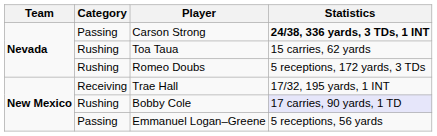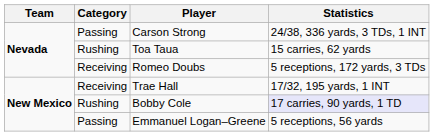 <table class="wikitable" style="float: left;">
 <tr>
 <th>Team</th>
 <th>Category</th>
 <th>Player</th>
 <th>Statistics</th>
 </tr>
 <tr>
 <td rowspan=3><strong>Nevada</strong></td>
 <td>Passing</td>
 <td>Carson Strong</td>
-<td><strong>24/38, 336 yards, 3 TDs, 1 INT</strong></td>
+<td>24/38, 336 yards, 3 TDs, 1 INT</td>
 </tr>
 <tr>
 <td>Rushing</td>
 <td>Toa Taua</td>
 <td>15 carries, 62 yards</td>
 </tr>
 <tr>
-<td>Rushing</td>
+<td>Receiving</td>
 <td>Romeo Doubs</td>
 <td>5 receptions, 172 yards, 3 TDs</td>
 </tr>
 <tr>
 <td rowspan=3><strong>New Mexico</strong></td>
 <td>Receiving</td>
 <td>Trae Hall</td>
 <td>17/32, 195 yards, 1 INT</td>
 </tr>
 <tr>
 <td>Rushing</td>
 <td>Bobby Cole</td>
 <td style="background: lavender;">17 carries, 90 yards, 1 TD</td>
 </tr>
 <tr>
 <td>Passing</td>
 <td>Emmanuel Logan–Greene</td>
 <td>5 receptions, 56 yards</td>
 </tr>
 </table>
